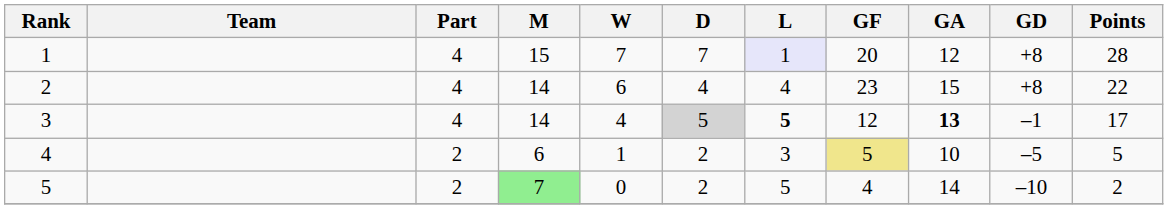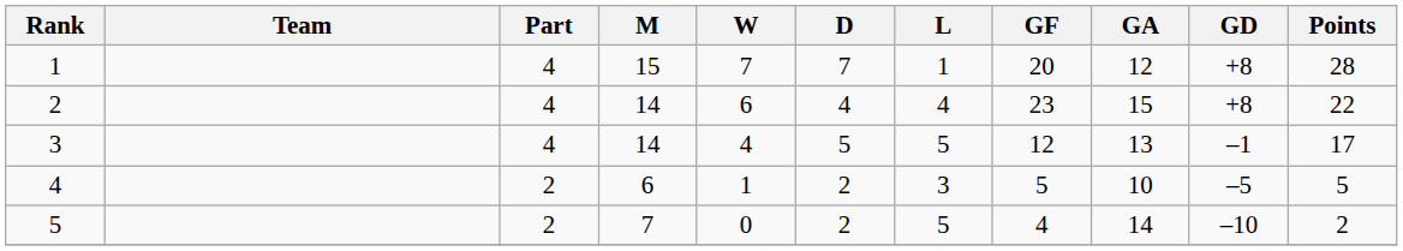 <table class="wikitable sortable" width=70% style="text-align:center">
 <tr>
 <th width=5%>Rank</th>
 <th width=20%>Team</th>
 <th width=5%>Part</th>
 <th width=5%>M</th>
 <th width=5%>W</th>
 <th width=5%>D</th>
 <th width=5%>L</th>
 <th width=5%>GF</th>
 <th width=5%>GA</th>
 <th width=5%>GD</th>
 <th width=5%>Points</th>
 </tr>
 <tr>
 <td>1</td>
 <td style="text-align:left;"></td>
 <td>4</td>
 <td>15</td>
 <td>7</td>
 <td>7</td>
-<td style="background: lavender;">1</td>
+<td>1</td>
 <td>20</td>
 <td>12</td>
 <td>+8</td>
 <td>28</td>
 </tr>
 <tr>
 <td>2</td>
 <td style="text-align:left;"></td>
 <td>4</td>
 <td>14</td>
 <td>6</td>
 <td>4</td>
 <td>4</td>
 <td>23</td>
 <td>15</td>
 <td>+8</td>
 <td>22</td>
 </tr>
 <tr>
 <td>3</td>
 <td style="text-align:left;"></td>
 <td>4</td>
 <td>14</td>
 <td>4</td>
-<td style="background: lightgrey;">5</td>
-<td><strong>5</strong></td>
+<td>5</td>
+<td>5</td>
 <td>12</td>
-<td><strong>13</strong></td>
+<td>13</td>
 <td>–1</td>
 <td>17</td>
 </tr>
 <tr>
 <td>4</td>
 <td style="text-align:left;"></td>
 <td>2</td>
 <td>6</td>
 <td>1</td>
 <td>2</td>
 <td>3</td>
-<td style="background: khaki;">5</td>
+<td>5</td>
 <td>10</td>
 <td>–5</td>
 <td>5</td>
 </tr>
 <tr>
 <td>5</td>
 <td style="text-align:left;"></td>
 <td>2</td>
-<td style="background: lightgreen;">7</td>
+<td>7</td>
 <td>0</td>
 <td>2</td>
 <td>5</td>
 <td>4</td>
 <td>14</td>
 <td>–10</td>
 <td>2</td>
 </tr>
 <tr>
 </tr>
 </table>
